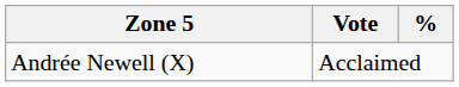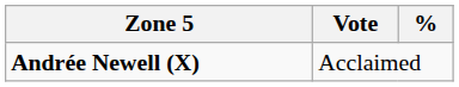 <table class="wikitable">
 <tr>
 <th bgcolor="#DDDDFF" width="200px">Zone 5</th>
 <th bgcolor="#DDDDFF" width="50px">Vote</th>
 <th bgcolor="#DDDDFF" width="30px">%</th>
 </tr>
 <tr>
-<td>Andrée Newell (X)</td>
+<td><strong>Andrée Newell (X)</strong></td>
 <td colspan="2">Acclaimed</td>
 </tr>
 </table>
